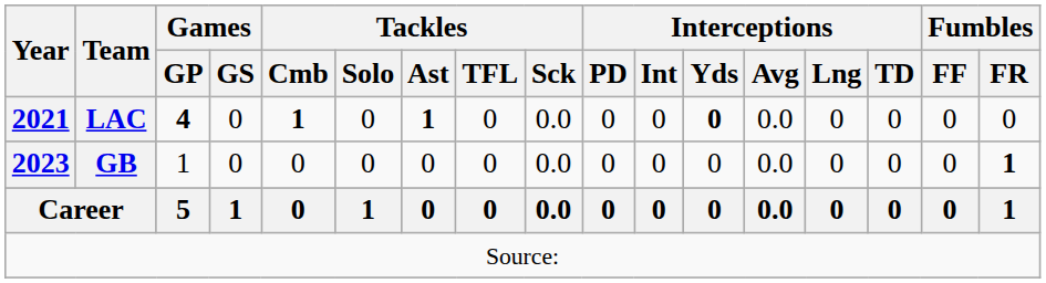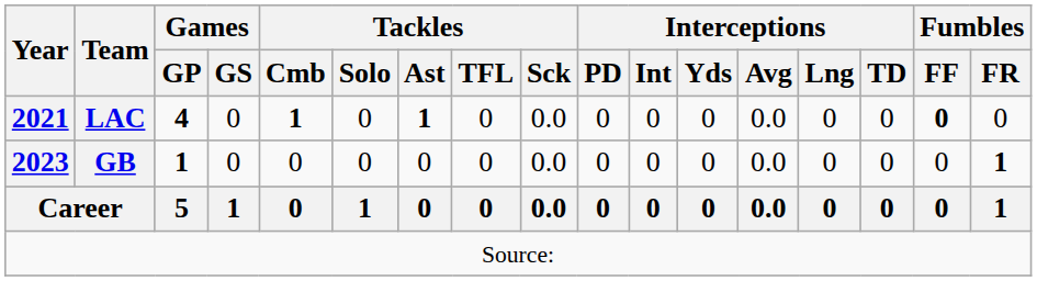 <table class="wikitable" style="text-align: center;">
 <tr>
 <th rowspan="2">Year</th>
 <th rowspan="2">Team</th>
 <th colspan="2">Games</th>
 <th colspan="5">Tackles</th>
 <th colspan="6">Interceptions</th>
 <th colspan="2">Fumbles</th>
 </tr>
 <tr>
 <th>GP</th>
 <th>GS</th>
 <th>Cmb</th>
 <th>Solo</th>
 <th>Ast</th>
 <th>TFL</th>
 <th>Sck</th>
 <th>PD</th>
 <th>Int</th>
 <th>Yds</th>
 <th>Avg</th>
 <th>Lng</th>
 <th>TD</th>
 <th>FF</th>
 <th>FR</th>
 </tr>
 <tr>
 <th><a href='#'>2021</a></th>
 <th><a href='#'>LAC</a></th>
 <td><strong>4</strong></td>
 <td>0</td>
 <td><strong>1</strong></td>
 <td>0</td>
 <td><strong>1</strong></td>
 <td>0</td>
 <td>0.0</td>
 <td>0</td>
 <td>0</td>
-<td><strong>0</strong></td>
+<td>0</td>
 <td>0.0</td>
 <td>0</td>
 <td>0</td>
-<td>0</td>
+<td><strong>0</strong></td>
 <td>0</td>
 </tr>
 <tr>
 <th><a href='#'>2023</a></th>
 <th><a href='#'>GB</a></th>
-<td>1</td>
+<td><strong>1</strong></td>
 <td>0</td>
 <td>0</td>
 <td>0</td>
 <td>0</td>
 <td>0</td>
 <td>0.0</td>
 <td>0</td>
 <td>0</td>
 <td>0</td>
 <td>0.0</td>
 <td>0</td>
 <td>0</td>
 <td>0</td>
 <td><strong>1</strong></td>
 </tr>
 <tr>
 <th colspan="2">Career</th>
 <th>5</th>
 <th>1</th>
 <th>0</th>
 <th>1</th>
 <th>0</th>
 <th>0</th>
 <th>0.0</th>
 <th>0</th>
 <th>0</th>
 <th>0</th>
 <th>0.0</th>
 <th>0</th>
 <th>0</th>
 <th>0</th>
 <th>1</th>
 </tr>
 <tr>
 <td colspan="18"><small>Source: </small></td>
 </tr>
 </table>
